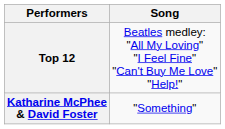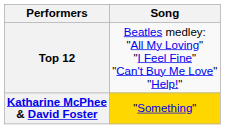 <table class="wikitable" style="text-align:center;">
 <tr>
 <th>Performers</th>
 <th>Song</th>
 </tr>
 <tr>
 <th scope="row">Top 12</th>
 <td><a href='#'>Beatles</a> medley:<br>"<a href='#'>All My Loving</a>"<br>"<a href='#'>I Feel Fine</a>"<br>"<a href='#'>Can't Buy Me Love</a>"<br>"<a href='#'>Help!</a>"</td>
 </tr>
 <tr>
 <th scope="row"><a href='#'>Katharine McPhee</a><br>& <a href='#'>David Foster</a></th>
-<td>"<a href='#'>Something</a>"</td>
+<td style="background: gold;">"<a href='#'>Something</a>"</td>
 </tr>
 </table>
